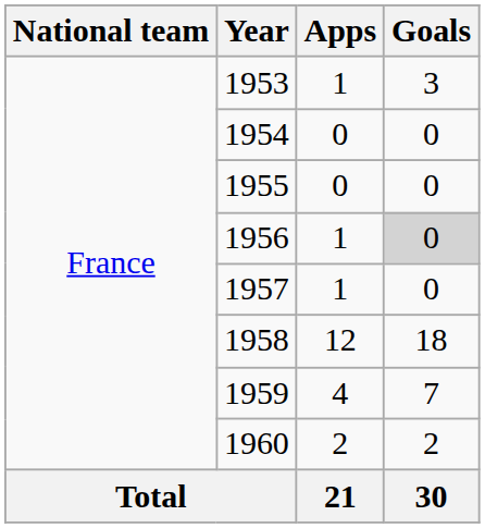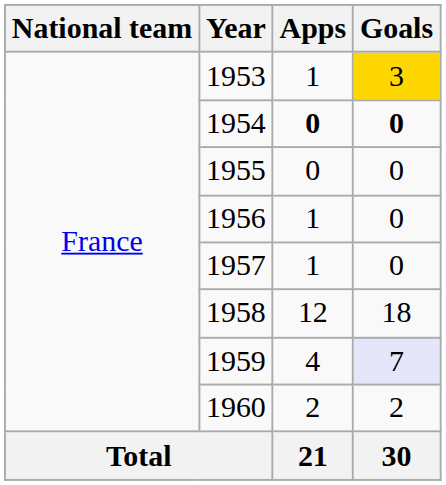 <table class="wikitable" style="text-align: center;">
 <tr>
 <th>National team</th>
 <th>Year</th>
 <th>Apps</th>
 <th>Goals</th>
 </tr>
 <tr>
 <td rowspan="8"><a href='#'>France</a></td>
 <td>1953</td>
 <td>1</td>
-<td>3</td>
+<td style="background: gold;">3</td>
 </tr>
 <tr>
 <td>1954</td>
-<td>0</td>
-<td>0</td>
+<td><strong>0</strong></td>
+<td><strong>0</strong></td>
 </tr>
 <tr>
 <td>1955</td>
 <td>0</td>
 <td>0</td>
 </tr>
 <tr>
 <td>1956</td>
 <td>1</td>
-<td style="background: lightgrey;">0</td>
+<td>0</td>
 </tr>
 <tr>
 <td>1957</td>
 <td>1</td>
 <td>0</td>
 </tr>
 <tr>
 <td>1958</td>
 <td>12</td>
 <td>18</td>
 </tr>
 <tr>
 <td>1959</td>
 <td>4</td>
-<td>7</td>
+<td style="background: lavender;">7</td>
 </tr>
 <tr>
 <td>1960</td>
 <td>2</td>
 <td>2</td>
 </tr>
 <tr>
 <th colspan="2">Total</th>
 <th>21</th>
 <th>30</th>
 </tr>
 </table>
